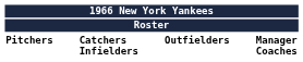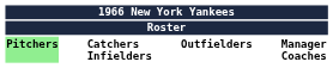 <table class="toccolours" style="font-size: 95%;">
 <tr>
 <th colspan="10" style="background-color: #1c2841; color: white; text-align: center;">1966 New York Yankees</th>
 </tr>
 <tr>
 <td colspan="10" style="background-color: #1c2841; color: white; text-align: center;"><strong>Roster</strong></td>
 </tr>
 <tr>
-<td valign="top"><strong>Pitchers</strong><br>             </td>
+<td valign="top" style="background: lightgreen;"><strong>Pitchers</strong><br>             </td>
 <td width="25px"></td>
 <td valign="top"><strong>Catchers</strong><br>   <strong>Infielders</strong>           </td>
 <td width="25px"></td>
 <td valign="top"><strong>Outfielders</strong><br>        </td>
 <td width="25px"></td>
 <td valign="top"><strong>Manager</strong><br>  <strong>Coaches</strong>      </td>
 </tr>
 </table>
